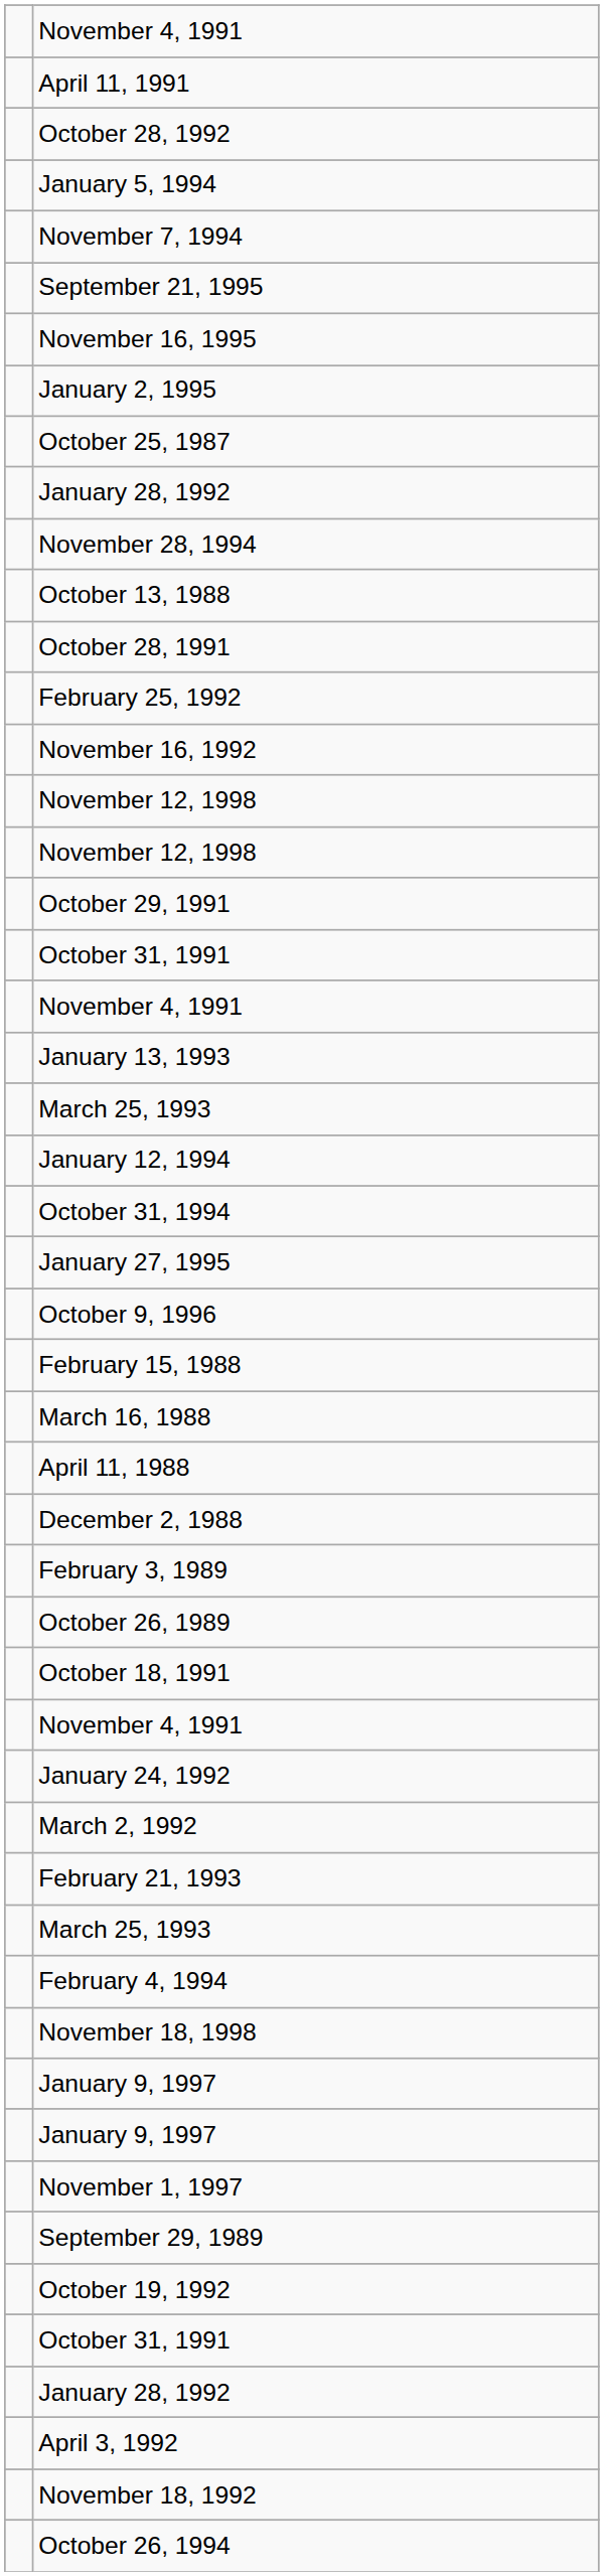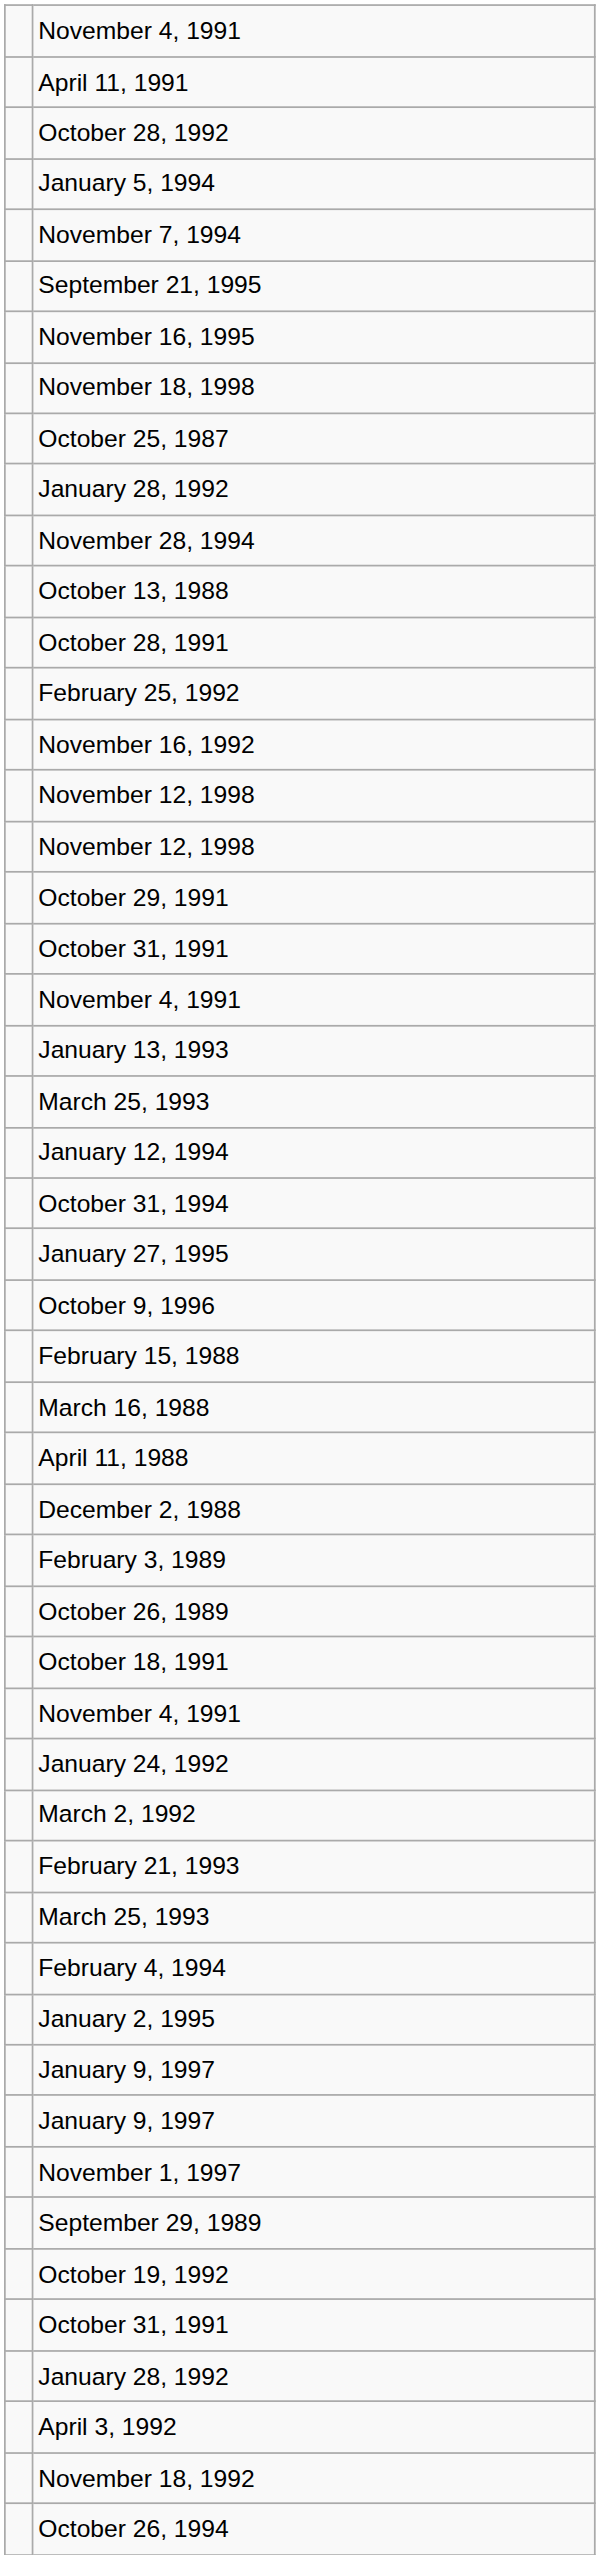 <table class="wikitable" style="font-size: 89%; float: left; width: 24em; margin-right: 1em; line-height: 1.6em !important;  height: 1250px;">
 <tr>
 <td></td>
 <td>November 4, 1991</td>
 </tr>
 <tr>
 <td></td>
 <td>April 11, 1991</td>
 </tr>
 <tr>
 <td></td>
 <td>October 28, 1992</td>
 </tr>
 <tr>
 <td></td>
 <td>January 5, 1994</td>
 </tr>
 <tr>
 <td></td>
 <td>November 7, 1994</td>
 </tr>
 <tr>
 <td></td>
 <td>September 21, 1995</td>
 </tr>
 <tr>
 <td></td>
 <td>November 16, 1995</td>
 </tr>
 <tr>
 <td></td>
-<td>January 2, 1995</td>
+<td>November 18, 1998</td>
 </tr>
 <tr>
 <td></td>
 <td>October 25, 1987</td>
 </tr>
 <tr>
 <td></td>
 <td>January 28, 1992</td>
 </tr>
 <tr>
 <td></td>
 <td>November 28, 1994</td>
 </tr>
 <tr>
 <td></td>
 <td>October 13, 1988</td>
 </tr>
 <tr>
 <td></td>
 <td>October 28, 1991</td>
 </tr>
 <tr>
 <td></td>
 <td>February 25, 1992</td>
 </tr>
 <tr>
 <td></td>
 <td>November 16, 1992</td>
 </tr>
 <tr>
 <td></td>
 <td>November 12, 1998</td>
 </tr>
 <tr>
 <td></td>
 <td>November 12, 1998</td>
 </tr>
 <tr>
 <td></td>
 <td>October 29, 1991</td>
 </tr>
 <tr>
 <td></td>
 <td>October 31, 1991</td>
 </tr>
 <tr>
 <td></td>
 <td>November 4, 1991</td>
 </tr>
 <tr>
 <td></td>
 <td>January 13, 1993</td>
 </tr>
 <tr>
 <td></td>
 <td>March 25, 1993</td>
 </tr>
 <tr>
 <td></td>
 <td>January 12, 1994</td>
 </tr>
 <tr>
 <td></td>
 <td>October 31, 1994</td>
 </tr>
 <tr>
 <td></td>
 <td>January 27, 1995</td>
 </tr>
 <tr>
 <td></td>
 <td>October 9, 1996</td>
 </tr>
 <tr>
 <td></td>
 <td>February 15, 1988</td>
 </tr>
 <tr>
 <td></td>
 <td>March 16, 1988</td>
 </tr>
 <tr>
 <td></td>
 <td>April 11, 1988</td>
 </tr>
 <tr>
 <td></td>
 <td>December 2, 1988</td>
 </tr>
 <tr>
 <td></td>
 <td>February 3, 1989</td>
 </tr>
 <tr>
 <td></td>
 <td>October 26, 1989</td>
 </tr>
 <tr>
 <td></td>
 <td>October 18, 1991</td>
 </tr>
 <tr>
 <td></td>
 <td>November 4, 1991</td>
 </tr>
 <tr>
 <td></td>
 <td>January 24, 1992</td>
 </tr>
 <tr>
 <td></td>
 <td>March 2, 1992</td>
 </tr>
 <tr>
 <td></td>
 <td>February 21, 1993</td>
 </tr>
 <tr>
 <td></td>
 <td>March 25, 1993</td>
 </tr>
 <tr>
 <td></td>
 <td>February 4, 1994</td>
 </tr>
 <tr>
 <td></td>
-<td>November 18, 1998</td>
+<td>January 2, 1995</td>
 </tr>
 <tr>
 <td></td>
 <td>January 9, 1997</td>
 </tr>
 <tr>
 <td></td>
 <td>January 9, 1997</td>
 </tr>
 <tr>
 <td></td>
 <td>November 1, 1997</td>
 </tr>
 <tr>
 <td></td>
 <td>September 29, 1989</td>
 </tr>
 <tr>
 <td></td>
 <td>October 19, 1992</td>
 </tr>
 <tr>
 <td></td>
 <td>October 31, 1991</td>
 </tr>
 <tr>
 <td></td>
 <td>January 28, 1992</td>
 </tr>
 <tr>
 <td></td>
 <td>April 3, 1992</td>
 </tr>
 <tr>
 <td></td>
 <td>November 18, 1992</td>
 </tr>
 <tr>
 <td></td>
 <td>October 26, 1994</td>
 </tr>
 </table>
